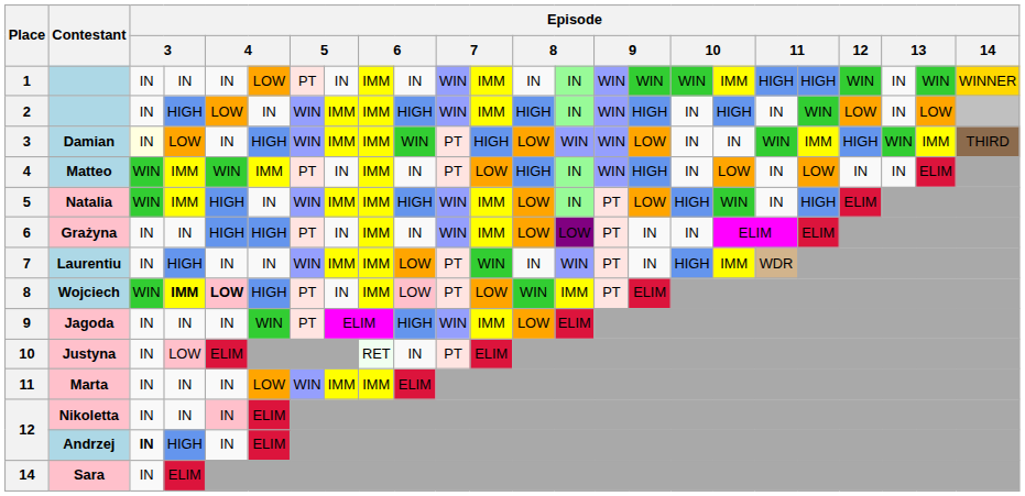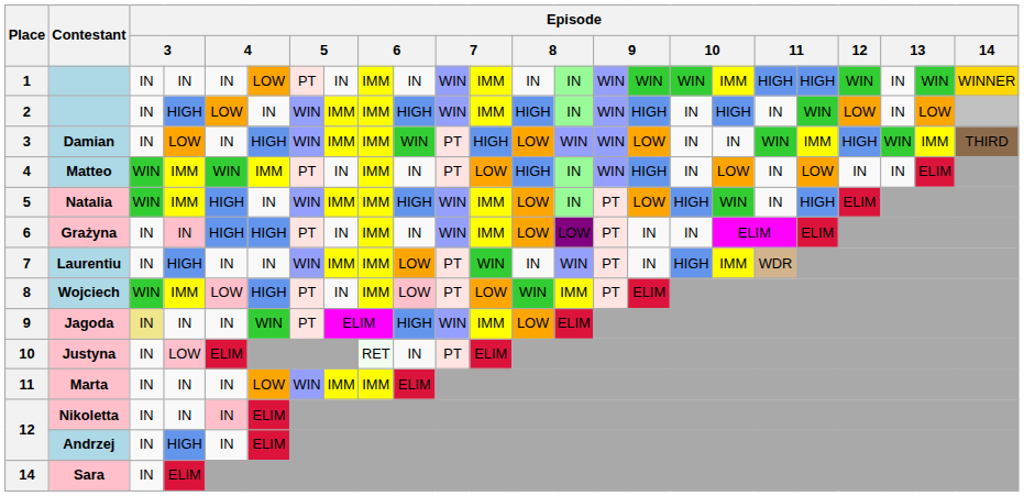 <table class="wikitable" style="text-align: center; font-size: 9pt; line-height:20px;">
 <tr>
 <th rowspan="2">Place</th>
 <th rowspan="2">Contestant</th>
 <th colspan="22">Episode</th>
 </tr>
 <tr>
 <th colspan="2">3</th>
 <th colspan="2">4</th>
 <th colspan="2">5</th>
 <th colspan="2">6</th>
 <th colspan="2">7</th>
 <th colspan="2">8</th>
 <th colspan="2">9</th>
 <th colspan="2">10</th>
 <th colspan="2">11</th>
 <th>12</th>
 <th colspan="2">13</th>
 <th>14</th>
 </tr>
 <tr>
 <th>1</th>
 <th style="background:lightblue"></th>
 <td>IN</td>
 <td>IN</td>
 <td>IN</td>
 <td bgcolor=orange>LOW</td>
 <td bgcolor=mistyrose>PT</td>
 <td>IN</td>
 <td bgcolor=yellow>IMM</td>
 <td>IN</td>
 <td bgcolor=#959FFD>WIN</td>
 <td bgcolor=yellow>IMM</td>
 <td>IN</td>
 <td bgcolor=palegreen>IN</td>
 <td bgcolor=#959FFD>WIN</td>
 <td bgcolor=limegreen>WIN</td>
 <td bgcolor=limegreen>WIN</td>
 <td bgcolor=yellow>IMM</td>
 <td bgcolor=cornflowerblue>HIGH</td>
 <td bgcolor=cornflowerblue>HIGH</td>
 <td bgcolor=limegreen>WIN</td>
 <td>IN</td>
 <td bgcolor=limegreen>WIN</td>
 <td bgcolor=gold>WINNER</td>
 </tr>
 <tr>
 <th>2</th>
 <th style="background:lightblue"></th>
 <td>IN</td>
 <td bgcolor=cornflowerblue>HIGH</td>
 <td bgcolor=orange>LOW</td>
 <td>IN</td>
 <td bgcolor=#959FFD>WIN</td>
 <td bgcolor=yellow>IMM</td>
 <td bgcolor=yellow>IMM</td>
 <td bgcolor=cornflowerblue>HIGH</td>
 <td bgcolor=#959FFD>WIN</td>
 <td bgcolor=yellow>IMM</td>
 <td bgcolor=cornflowerblue>HIGH</td>
 <td bgcolor=palegreen>IN</td>
 <td bgcolor=#959FFD>WIN</td>
 <td bgcolor=cornflowerblue>HIGH</td>
 <td>IN</td>
 <td bgcolor=cornflowerblue>HIGH</td>
 <td>IN</td>
 <td bgcolor=limegreen>WIN</td>
 <td bgcolor=orange>LOW</td>
 <td>IN</td>
 <td bgcolor=orange>LOW</td>
 <td bgcolor=silver></td>
 </tr>
 <tr>
 <th>3</th>
 <th style="background:lightblue">Damian</th>
-<td style="background: lightyellow;">IN</td>
+<td>IN</td>
 <td bgcolor=orange>LOW</td>
 <td>IN</td>
 <td bgcolor=cornflowerblue>HIGH</td>
 <td bgcolor=#959FFD>WIN</td>
 <td bgcolor=yellow>IMM</td>
 <td bgcolor=yellow>IMM</td>
 <td bgcolor=limegreen>WIN</td>
 <td bgcolor=mistyrose>PT</td>
 <td bgcolor=cornflowerblue>HIGH</td>
 <td bgcolor=orange>LOW</td>
 <td bgcolor=#959FFD>WIN</td>
 <td bgcolor=#959FFD>WIN</td>
 <td bgcolor=orange>LOW</td>
 <td>IN</td>
 <td>IN</td>
 <td bgcolor=limegreen>WIN</td>
 <td bgcolor=yellow>IMM</td>
 <td bgcolor=cornflowerblue>HIGH</td>
 <td bgcolor=limegreen>WIN</td>
 <td bgcolor=yellow>IMM</td>
 <td bgcolor=#8c6b4d>THIRD</td>
 </tr>
 <tr>
 <th>4</th>
 <th style="background:lightblue">Matteo</th>
 <td bgcolor=limegreen>WIN</td>
 <td bgcolor=yellow>IMM</td>
 <td bgcolor=limegreen>WIN</td>
 <td bgcolor=yellow>IMM</td>
 <td bgcolor=mistyrose>PT</td>
 <td>IN</td>
 <td bgcolor=yellow>IMM</td>
 <td>IN</td>
 <td bgcolor=mistyrose>PT</td>
 <td bgcolor=orange>LOW</td>
 <td bgcolor=cornflowerblue>HIGH</td>
 <td bgcolor=palegreen>IN</td>
 <td bgcolor=#959FFD>WIN</td>
 <td bgcolor=cornflowerblue>HIGH</td>
 <td>IN</td>
 <td bgcolor=orange>LOW</td>
 <td>IN</td>
 <td bgcolor=orange>LOW</td>
 <td>IN</td>
 <td>IN</td>
 <td bgcolor=crimson>ELIM</td>
 <td bgcolor="darkgrey"></td>
 </tr>
 <tr>
 <th>5</th>
 <th style="background:pink">Natalia</th>
 <td bgcolor=limegreen>WIN</td>
 <td bgcolor=yellow>IMM</td>
 <td bgcolor=cornflowerblue>HIGH</td>
 <td>IN</td>
 <td bgcolor=#959FFD>WIN</td>
 <td bgcolor=yellow>IMM</td>
 <td bgcolor=yellow>IMM</td>
 <td bgcolor=cornflowerblue>HIGH</td>
 <td bgcolor=#959FFD>WIN</td>
 <td bgcolor=yellow>IMM</td>
 <td bgcolor=orange>LOW</td>
 <td bgcolor=palegreen>IN</td>
 <td bgcolor=mistyrose>PT</td>
 <td bgcolor=orange>LOW</td>
 <td bgcolor=cornflowerblue>HIGH</td>
 <td bgcolor=limegreen>WIN</td>
 <td>IN</td>
 <td bgcolor=cornflowerblue>HIGH</td>
 <td bgcolor=crimson>ELIM</td>
 <td colspan="3" bgcolor="darkgrey"></td>
 </tr>
 <tr>
 <th>6</th>
 <th style="background:pink">Grażyna</th>
 <td>IN</td>
-<td>IN</td>
+<td style="background: pink;">IN</td>
 <td bgcolor=cornflowerblue>HIGH</td>
 <td bgcolor=cornflowerblue>HIGH</td>
 <td bgcolor=mistyrose>PT</td>
 <td>IN</td>
 <td bgcolor=yellow>IMM</td>
 <td>IN</td>
 <td bgcolor=#959FFD>WIN</td>
 <td bgcolor=yellow>IMM</td>
 <td bgcolor=orange>LOW</td>
 <td bgcolor=purple>LOW</td>
 <td bgcolor=mistyrose>PT</td>
 <td>IN</td>
 <td>IN</td>
 <td colspan="2" bgcolor=fuchsia>ELIM</td>
 <td bgcolor=crimson>ELIM</td>
 <td colspan="4" bgcolor="darkgrey"></td>
 </tr>
 <tr>
 <th>7</th>
 <th style="background:lightblue">Laurentiu</th>
 <td>IN</td>
 <td bgcolor=cornflowerblue>HIGH</td>
 <td>IN</td>
 <td>IN</td>
 <td bgcolor=#959FFD>WIN</td>
 <td bgcolor=yellow>IMM</td>
 <td bgcolor=yellow>IMM</td>
 <td bgcolor=orange>LOW</td>
 <td bgcolor=mistyrose>PT</td>
 <td bgcolor=limegreen>WIN</td>
 <td>IN</td>
 <td bgcolor=#959FFD>WIN</td>
 <td bgcolor=mistyrose>PT</td>
 <td>IN</td>
 <td bgcolor=cornflowerblue>HIGH</td>
 <td bgcolor=yellow>IMM</td>
 <td bgcolor=tan>WDR</td>
 <td colspan="5" bgcolor="darkgrey"></td>
 </tr>
 <tr>
 <th>8</th>
 <th style="background:lightblue">Wojciech</th>
 <td bgcolor=limegreen>WIN</td>
-<td bgcolor=yellow><strong>IMM</strong></td>
-<td bgcolor=pink><strong>LOW</strong></td>
+<td bgcolor=yellow>IMM</td>
+<td bgcolor=pink>LOW</td>
 <td bgcolor=cornflowerblue>HIGH</td>
 <td bgcolor=mistyrose>PT</td>
 <td>IN</td>
 <td bgcolor=yellow>IMM</td>
 <td bgcolor=pink>LOW</td>
 <td bgcolor=mistyrose>PT</td>
 <td bgcolor=orange>LOW</td>
 <td bgcolor=limegreen>WIN</td>
 <td bgcolor=yellow>IMM</td>
 <td bgcolor=mistyrose>PT</td>
 <td bgcolor=crimson>ELIM</td>
 <td colspan="8" bgcolor="darkgrey"></td>
 </tr>
 <tr>
 <th>9</th>
 <th style="background:pink">Jagoda</th>
-<td>IN</td>
+<td style="background: khaki;">IN</td>
 <td>IN</td>
 <td>IN</td>
 <td bgcolor=limegreen>WIN</td>
 <td bgcolor=mistyrose>PT</td>
 <td colspan="2" bgcolor=fuchsia>ELIM</td>
 <td bgcolor=cornflowerblue>HIGH</td>
 <td bgcolor=#959FFD>WIN</td>
 <td bgcolor=yellow>IMM</td>
 <td bgcolor=orange>LOW</td>
 <td bgcolor=crimson>ELIM</td>
 <td colspan="10" bgcolor="darkgrey"></td>
 </tr>
 <tr>
 <th>10</th>
 <th style="background:pink">Justyna</th>
 <td>IN</td>
 <td bgcolor=pink>LOW</td>
 <td bgcolor=crimson>ELIM</td>
 <td colspan="3" bgcolor=darkgrey></td>
 <td style="background:honeydew">RET</td>
 <td>IN</td>
 <td bgcolor=mistyrose>PT</td>
 <td bgcolor=crimson>ELIM</td>
 <td colspan="12" bgcolor="darkgrey"></td>
 </tr>
 <tr>
 <th>11</th>
 <th style="background:pink">Marta</th>
 <td>IN</td>
 <td>IN</td>
 <td>IN</td>
 <td bgcolor=orange>LOW</td>
 <td bgcolor=#959FFD>WIN</td>
 <td bgcolor=yellow>IMM</td>
 <td bgcolor=yellow>IMM</td>
 <td bgcolor=crimson>ELIM</td>
 <td colspan="14" bgcolor="darkgrey"></td>
 </tr>
 <tr>
 <th rowspan="2">12</th>
 <th style="background:pink">Nikoletta</th>
 <td>IN</td>
 <td>IN</td>
 <td style="background: pink;">IN</td>
 <td bgcolor=crimson>ELIM</td>
 <td colspan="18" bgcolor="darkgrey"></td>
 </tr>
 <tr>
 <th style="background:lightblue">Andrzej</th>
-<td><strong>IN</strong></td>
+<td>IN</td>
 <td bgcolor=cornflowerblue>HIGH</td>
 <td>IN</td>
 <td bgcolor=crimson>ELIM</td>
 <td colspan="18" bgcolor="darkgrey"></td>
 </tr>
 <tr>
 <th>14</th>
 <th style="background:pink">Sara</th>
 <td>IN</td>
 <td bgcolor=crimson>ELIM</td>
 <td colspan="20" bgcolor=darkgrey></td>
 </tr>
 </table>
